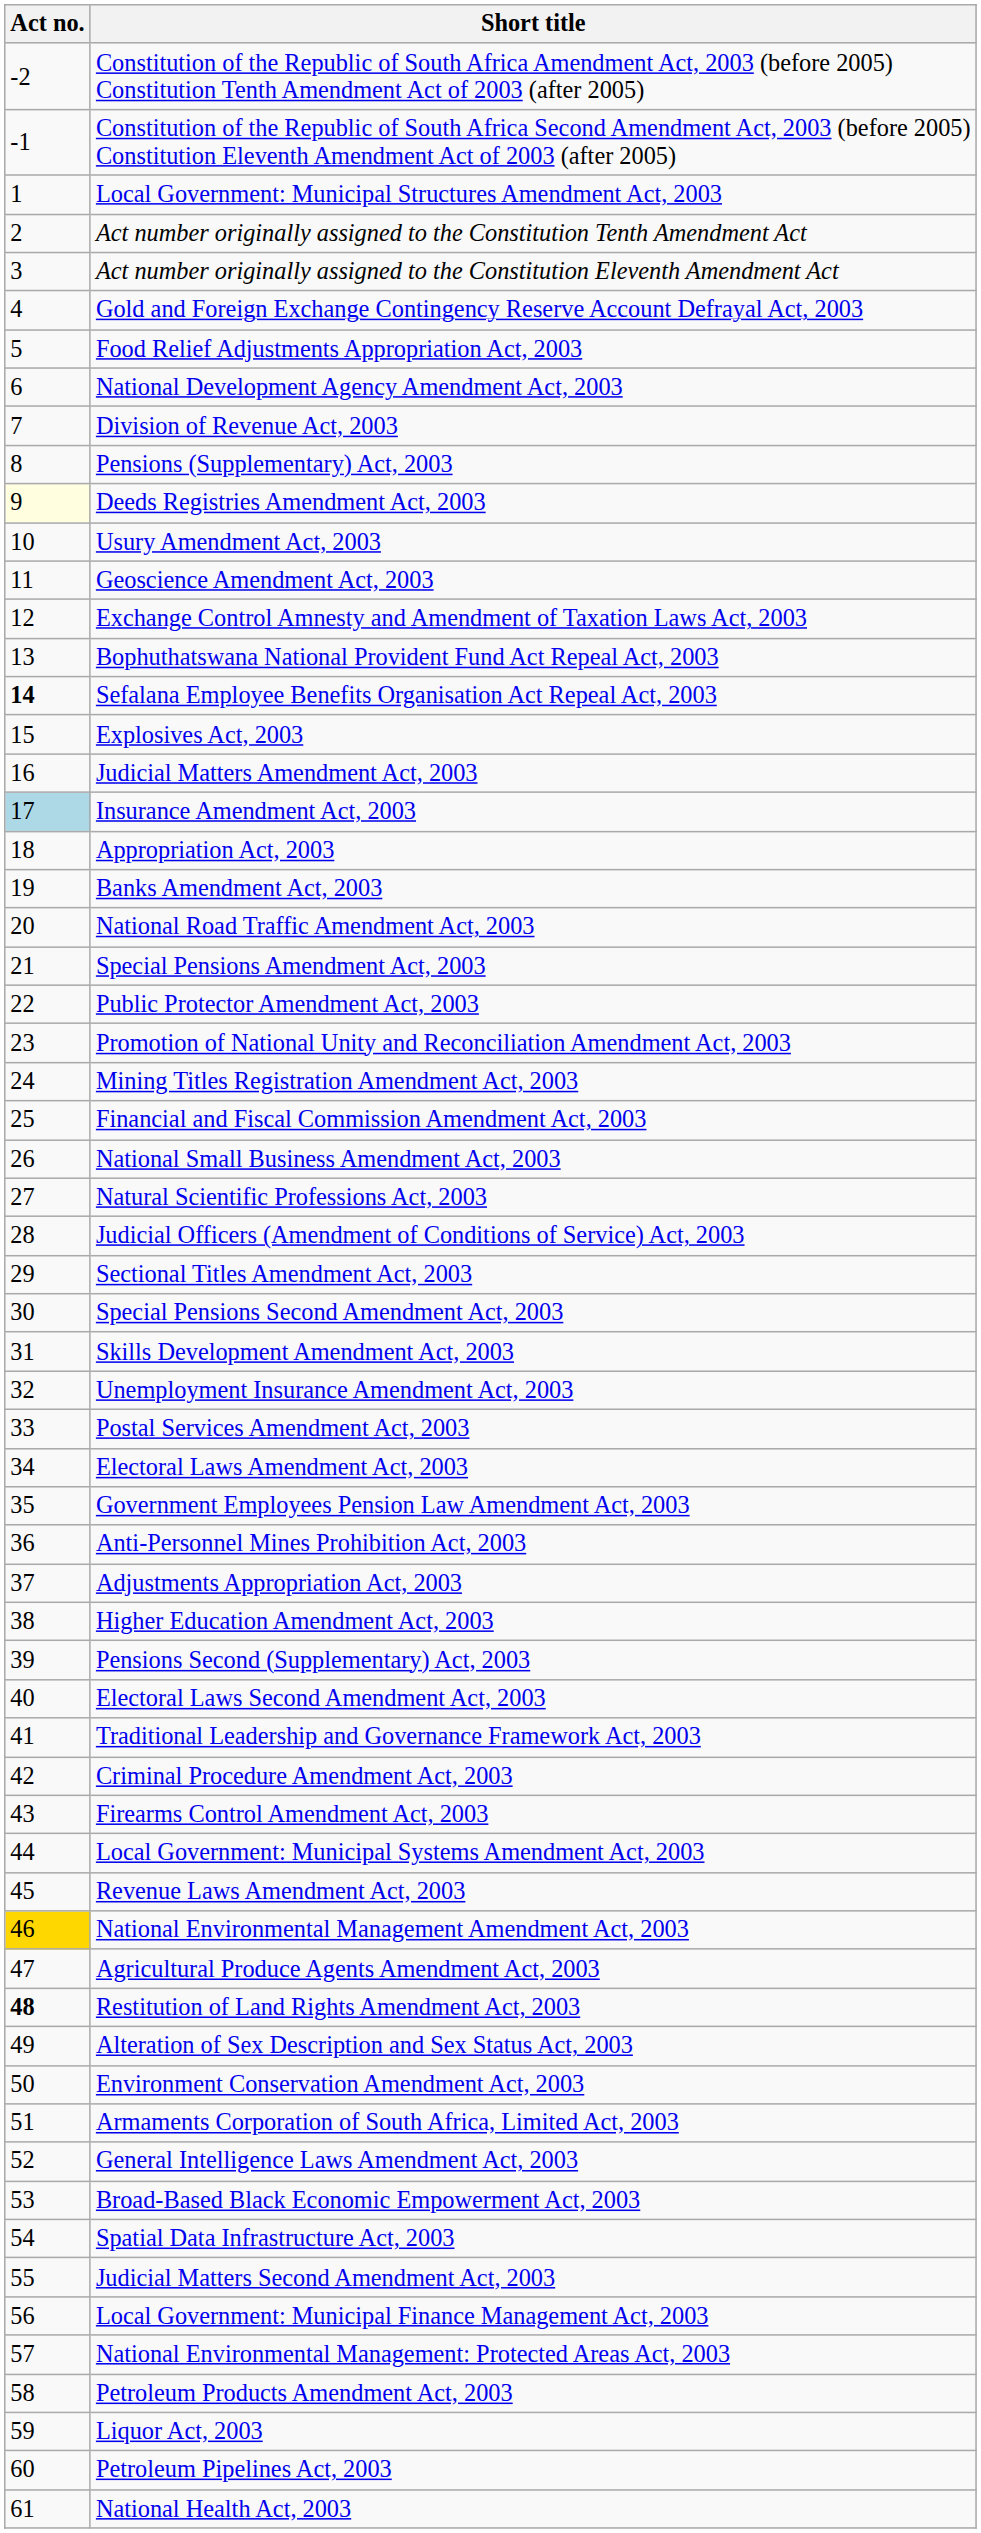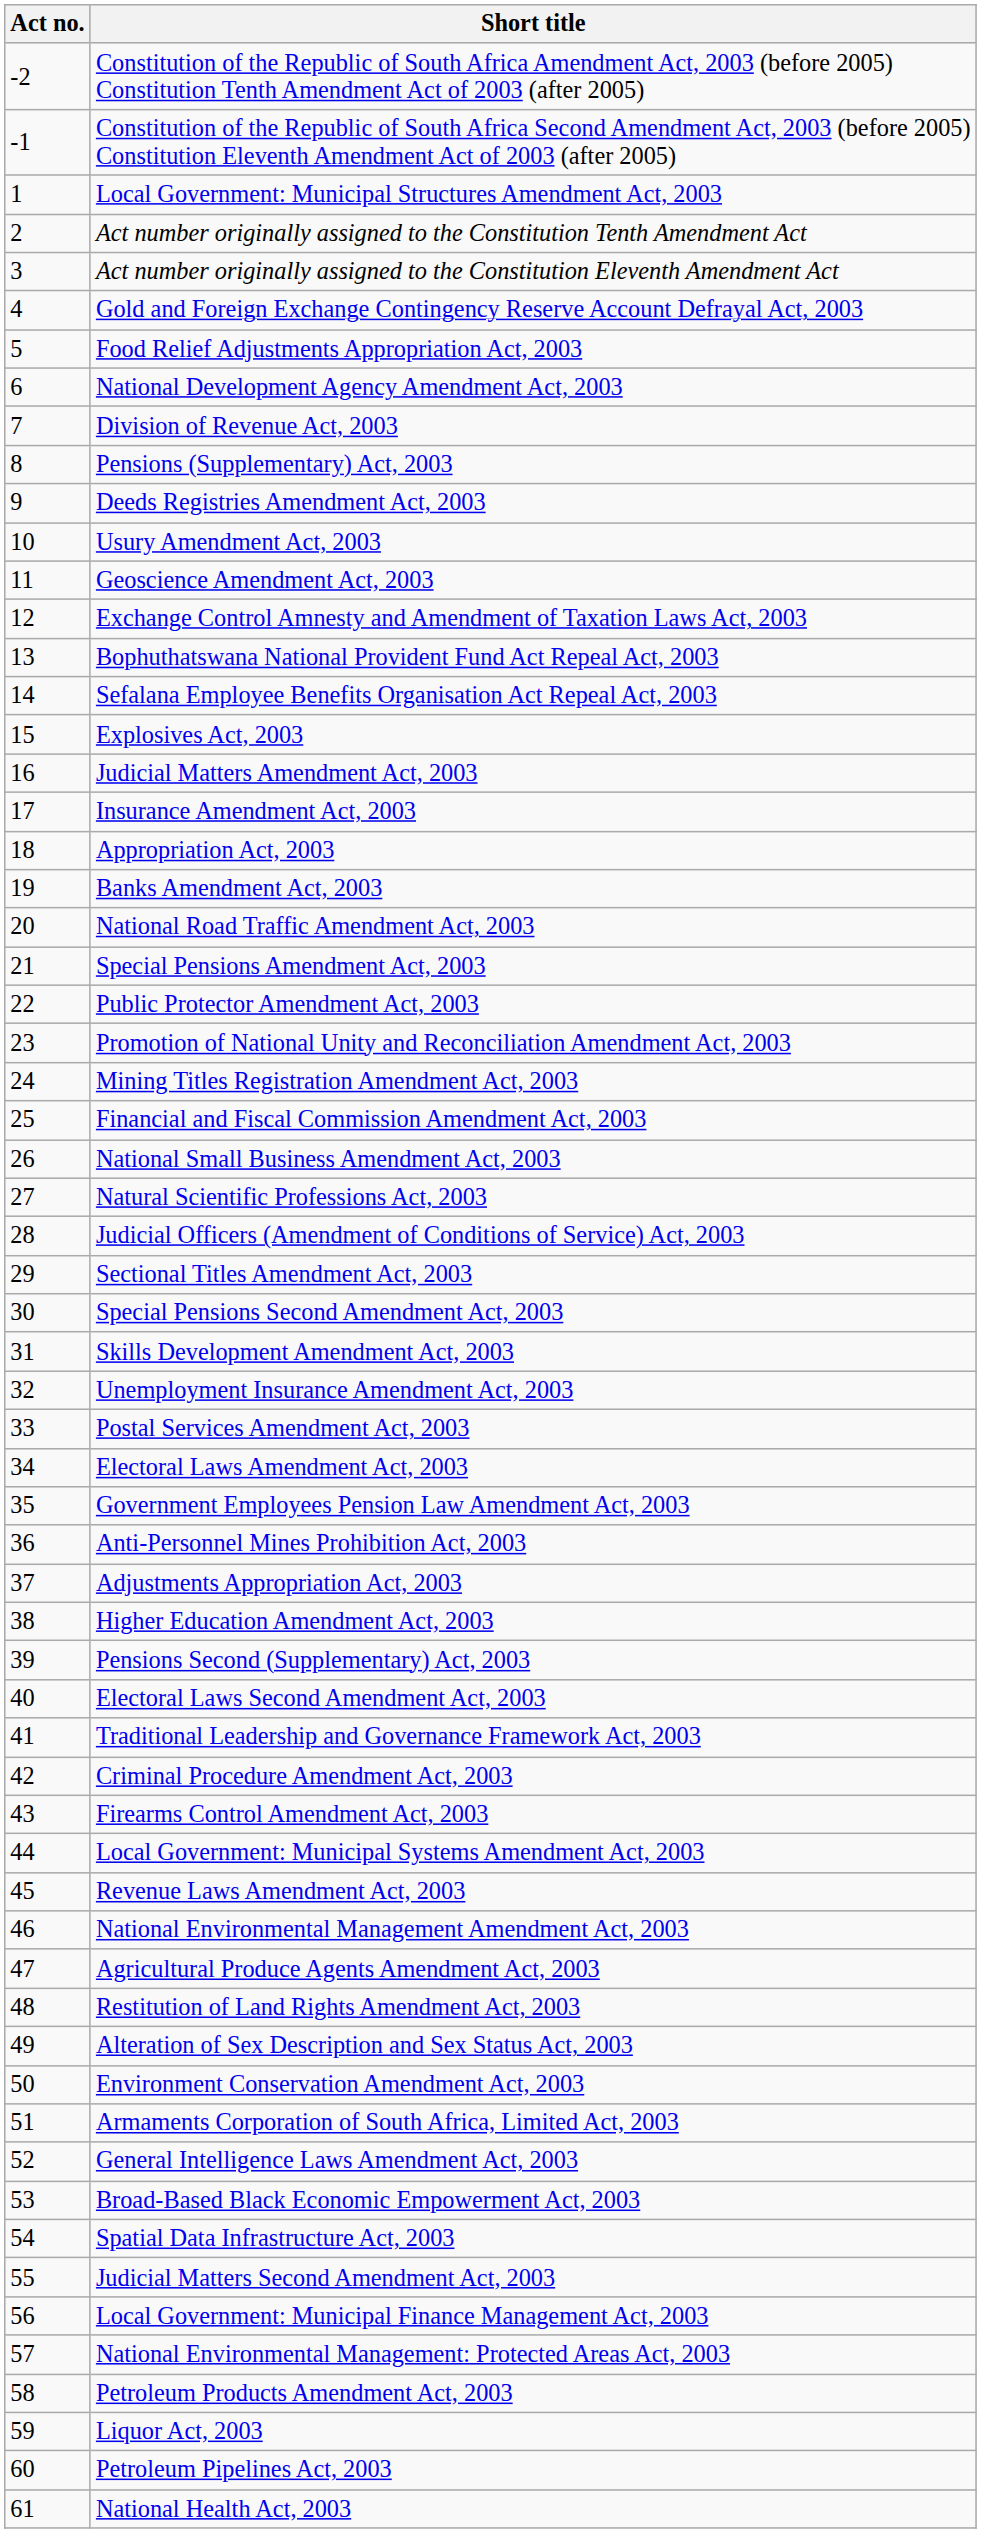 <table class="wikitable sortable">
 <tr>
 <th>Act no.</th>
 <th>Short title</th>
 </tr>
 <tr>
 <td><span>-2</span></td>
 <td><a href='#'>Constitution of the Republic of South Africa Amendment Act, 2003</a> (before 2005) <br><a href='#'>Constitution Tenth Amendment Act of 2003</a> (after 2005)</td>
 </tr>
 <tr>
 <td><span>-1</span></td>
 <td><a href='#'>Constitution of the Republic of South Africa Second Amendment Act, 2003</a> (before 2005) <br><a href='#'>Constitution Eleventh Amendment Act of 2003</a> (after 2005)</td>
 </tr>
 <tr>
 <td>1</td>
 <td><a href='#'>Local Government: Municipal Structures Amendment Act, 2003</a></td>
 </tr>
 <tr>
 <td>2</td>
 <td><em>Act number originally assigned to the Constitution Tenth Amendment Act</em></td>
 </tr>
 <tr>
 <td>3</td>
 <td><em>Act number originally assigned to the Constitution Eleventh Amendment Act</em></td>
 </tr>
 <tr>
 <td>4</td>
 <td><a href='#'>Gold and Foreign Exchange Contingency Reserve Account Defrayal Act, 2003</a></td>
 </tr>
 <tr>
 <td>5</td>
 <td><a href='#'>Food Relief Adjustments Appropriation Act, 2003</a></td>
 </tr>
 <tr>
 <td>6</td>
 <td><a href='#'>National Development Agency Amendment Act, 2003</a></td>
 </tr>
 <tr>
 <td>7</td>
 <td><a href='#'>Division of Revenue Act, 2003</a></td>
 </tr>
 <tr>
 <td>8</td>
 <td><a href='#'>Pensions (Supplementary) Act, 2003</a></td>
 </tr>
 <tr>
-<td style="background: lightyellow;">9</td>
+<td>9</td>
 <td><a href='#'>Deeds Registries Amendment Act, 2003</a></td>
 </tr>
 <tr>
 <td>10</td>
 <td><a href='#'>Usury Amendment Act, 2003</a></td>
 </tr>
 <tr>
 <td>11</td>
 <td><a href='#'>Geoscience Amendment Act, 2003</a></td>
 </tr>
 <tr>
 <td>12</td>
 <td><a href='#'>Exchange Control Amnesty and Amendment of Taxation Laws Act, 2003</a></td>
 </tr>
 <tr>
 <td>13</td>
 <td><a href='#'>Bophuthatswana National Provident Fund Act Repeal Act, 2003</a></td>
 </tr>
 <tr>
-<td><strong>14</strong></td>
+<td>14</td>
 <td><a href='#'>Sefalana Employee Benefits Organisation Act Repeal Act, 2003</a></td>
 </tr>
 <tr>
 <td>15</td>
 <td><a href='#'>Explosives Act, 2003</a></td>
 </tr>
 <tr>
 <td>16</td>
 <td><a href='#'>Judicial Matters Amendment Act, 2003</a></td>
 </tr>
 <tr>
-<td style="background: lightblue;">17</td>
+<td>17</td>
 <td><a href='#'>Insurance Amendment Act, 2003</a></td>
 </tr>
 <tr>
 <td>18</td>
 <td><a href='#'>Appropriation Act, 2003</a></td>
 </tr>
 <tr>
 <td>19</td>
 <td><a href='#'>Banks Amendment Act, 2003</a></td>
 </tr>
 <tr>
 <td>20</td>
 <td><a href='#'>National Road Traffic Amendment Act, 2003</a></td>
 </tr>
 <tr>
 <td>21</td>
 <td><a href='#'>Special Pensions Amendment Act, 2003</a></td>
 </tr>
 <tr>
 <td>22</td>
 <td><a href='#'>Public Protector Amendment Act, 2003</a></td>
 </tr>
 <tr>
 <td>23</td>
 <td><a href='#'>Promotion of National Unity and Reconciliation Amendment Act, 2003</a></td>
 </tr>
 <tr>
 <td>24</td>
 <td><a href='#'>Mining Titles Registration Amendment Act, 2003</a></td>
 </tr>
 <tr>
 <td>25</td>
 <td><a href='#'>Financial and Fiscal Commission Amendment Act, 2003</a></td>
 </tr>
 <tr>
 <td>26</td>
 <td><a href='#'>National Small Business Amendment Act, 2003</a></td>
 </tr>
 <tr>
 <td>27</td>
 <td><a href='#'>Natural Scientific Professions Act, 2003</a></td>
 </tr>
 <tr>
 <td>28</td>
 <td><a href='#'>Judicial Officers (Amendment of Conditions of Service) Act, 2003</a></td>
 </tr>
 <tr>
 <td>29</td>
 <td><a href='#'>Sectional Titles Amendment Act, 2003</a></td>
 </tr>
 <tr>
 <td>30</td>
 <td><a href='#'>Special Pensions Second Amendment Act, 2003</a></td>
 </tr>
 <tr>
 <td>31</td>
 <td><a href='#'>Skills Development Amendment Act, 2003</a></td>
 </tr>
 <tr>
 <td>32</td>
 <td><a href='#'>Unemployment Insurance Amendment Act, 2003</a></td>
 </tr>
 <tr>
 <td>33</td>
 <td><a href='#'>Postal Services Amendment Act, 2003</a></td>
 </tr>
 <tr>
 <td>34</td>
 <td><a href='#'>Electoral Laws Amendment Act, 2003</a></td>
 </tr>
 <tr>
 <td>35</td>
 <td><a href='#'>Government Employees Pension Law Amendment Act, 2003</a></td>
 </tr>
 <tr>
 <td>36</td>
 <td><a href='#'>Anti-Personnel Mines Prohibition Act, 2003</a></td>
 </tr>
 <tr>
 <td>37</td>
 <td><a href='#'>Adjustments Appropriation Act, 2003</a></td>
 </tr>
 <tr>
 <td>38</td>
 <td><a href='#'>Higher Education Amendment Act, 2003</a></td>
 </tr>
 <tr>
 <td>39</td>
 <td><a href='#'>Pensions Second (Supplementary) Act, 2003</a></td>
 </tr>
 <tr>
 <td>40</td>
 <td><a href='#'>Electoral Laws Second Amendment Act, 2003</a></td>
 </tr>
 <tr>
 <td>41</td>
 <td><a href='#'>Traditional Leadership and Governance Framework Act, 2003</a></td>
 </tr>
 <tr>
 <td>42</td>
 <td><a href='#'>Criminal Procedure Amendment Act, 2003</a></td>
 </tr>
 <tr>
 <td>43</td>
 <td><a href='#'>Firearms Control Amendment Act, 2003</a></td>
 </tr>
 <tr>
 <td>44</td>
 <td><a href='#'>Local Government: Municipal Systems Amendment Act, 2003</a></td>
 </tr>
 <tr>
 <td>45</td>
 <td><a href='#'>Revenue Laws Amendment Act, 2003</a></td>
 </tr>
 <tr>
-<td style="background: gold;">46</td>
+<td>46</td>
 <td><a href='#'>National Environmental Management Amendment Act, 2003</a></td>
 </tr>
 <tr>
 <td>47</td>
 <td><a href='#'>Agricultural Produce Agents Amendment Act, 2003</a></td>
 </tr>
 <tr>
-<td><strong>48</strong></td>
+<td>48</td>
 <td><a href='#'>Restitution of Land Rights Amendment Act, 2003</a></td>
 </tr>
 <tr>
 <td>49</td>
 <td><a href='#'>Alteration of Sex Description and Sex Status Act, 2003</a></td>
 </tr>
 <tr>
 <td>50</td>
 <td><a href='#'>Environment Conservation Amendment Act, 2003</a></td>
 </tr>
 <tr>
 <td>51</td>
 <td><a href='#'>Armaments Corporation of South Africa, Limited Act, 2003</a></td>
 </tr>
 <tr>
 <td>52</td>
 <td><a href='#'>General Intelligence Laws Amendment Act, 2003</a></td>
 </tr>
 <tr>
 <td>53</td>
 <td><a href='#'>Broad-Based Black Economic Empowerment Act, 2003</a></td>
 </tr>
 <tr>
 <td>54</td>
 <td><a href='#'>Spatial Data Infrastructure Act, 2003</a></td>
 </tr>
 <tr>
 <td>55</td>
 <td><a href='#'>Judicial Matters Second Amendment Act, 2003</a></td>
 </tr>
 <tr>
 <td>56</td>
 <td><a href='#'>Local Government: Municipal Finance Management Act, 2003</a></td>
 </tr>
 <tr>
 <td>57</td>
 <td><a href='#'>National Environmental Management: Protected Areas Act, 2003</a></td>
 </tr>
 <tr>
 <td>58</td>
 <td><a href='#'>Petroleum Products Amendment Act, 2003</a></td>
 </tr>
 <tr>
 <td>59</td>
 <td><a href='#'>Liquor Act, 2003</a></td>
 </tr>
 <tr>
 <td>60</td>
 <td><a href='#'>Petroleum Pipelines Act, 2003</a></td>
 </tr>
 <tr>
 <td>61</td>
 <td><a href='#'>National Health Act, 2003</a></td>
 </tr>
 </table>
